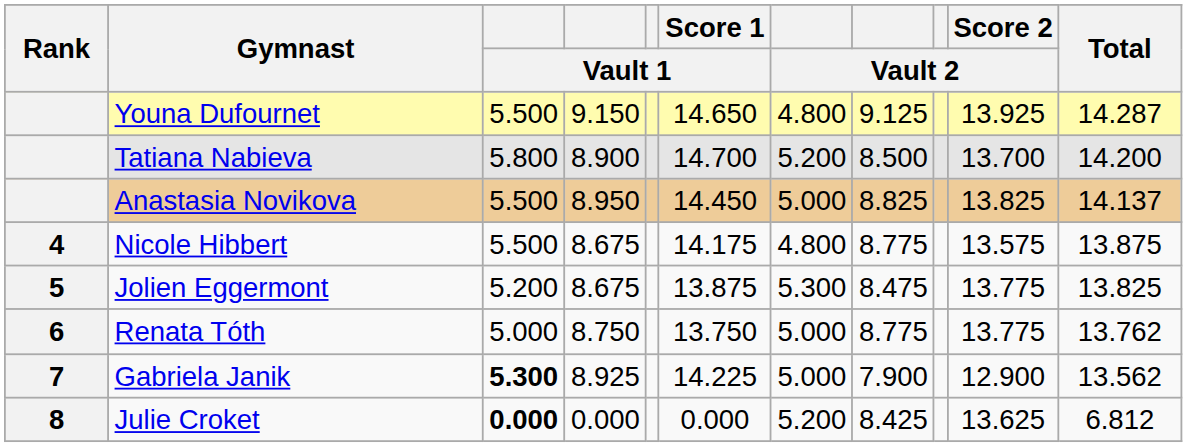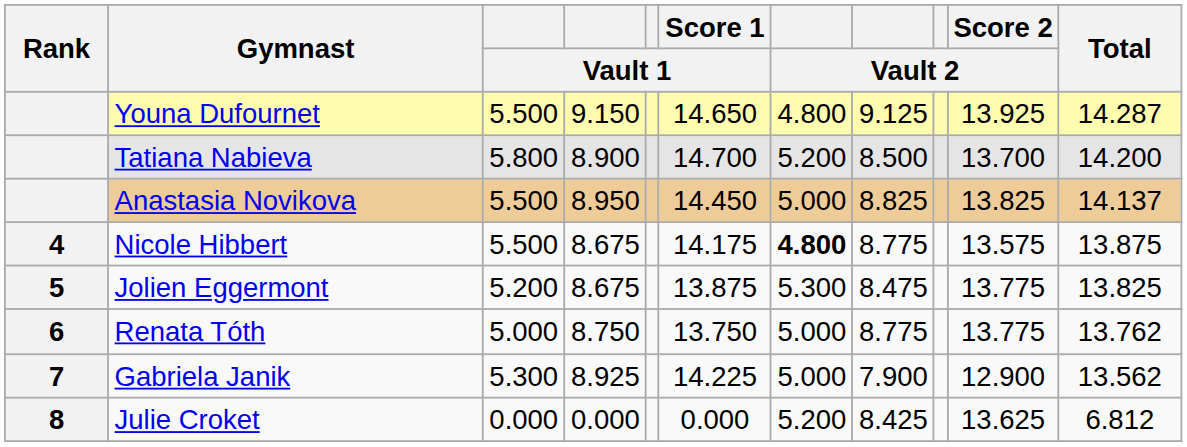 <table class="wikitable sortable" style="text-align:center; font-size:95%">
 <tr>
 <th rowspan=2 style="width:50px;">Rank</th>
 <th rowspan=2 style="width:200px;">Gymnast</th>
 <th colspan=1></th>
 <th colspan=1></th>
 <th colspan=1></th>
 <th colspan=1>Score 1</th>
 <th colspan=1></th>
 <th colspan=1></th>
 <th colspan=1></th>
 <th colspan=1>Score 2</th>
 <th rowspan=2 style="width:60px;">Total</th>
 </tr>
 <tr>
 <th colspan=4>Vault 1</th>
 <th colspan=4>Vault 2</th>
 </tr>
 <tr style="background:#fffcaf;">
 <th scope=row style="text-align:center"></th>
 <td style="text-align:left;"> <a href='#'>Youna Dufournet</a></td>
 <td>5.500</td>
 <td>9.150</td>
 <td></td>
 <td>14.650</td>
 <td>4.800</td>
 <td>9.125</td>
 <td></td>
 <td>13.925</td>
 <td>14.287</td>
 </tr>
 <tr style="background:#e5e5e5;">
 <th scope=row style="text-align:center"></th>
 <td align=left> <a href='#'>Tatiana Nabieva</a></td>
 <td>5.800</td>
 <td>8.900</td>
 <td></td>
 <td>14.700</td>
 <td>5.200</td>
 <td>8.500</td>
 <td></td>
 <td>13.700</td>
 <td>14.200</td>
 </tr>
 <tr style="background:#ec9;">
 <th scope=row style="text-align:center"></th>
 <td align=left> <a href='#'>Anastasia Novikova</a></td>
 <td>5.500</td>
 <td>8.950</td>
 <td></td>
 <td>14.450</td>
 <td>5.000</td>
 <td>8.825</td>
 <td></td>
 <td>13.825</td>
 <td>14.137</td>
 </tr>
 <tr>
 <th scope=row style="text-align:center">4</th>
 <td align=left> <a href='#'>Nicole Hibbert</a></td>
 <td>5.500</td>
 <td>8.675</td>
 <td></td>
 <td>14.175</td>
-<td>4.800</td>
+<td><strong>4.800</strong></td>
 <td>8.775</td>
 <td></td>
 <td>13.575</td>
 <td>13.875</td>
 </tr>
 <tr>
 <th scope=row style="text-align:center">5</th>
 <td align=left> <a href='#'>Jolien Eggermont</a></td>
 <td>5.200</td>
 <td>8.675</td>
 <td></td>
 <td>13.875</td>
 <td>5.300</td>
 <td>8.475</td>
 <td></td>
 <td>13.775</td>
 <td>13.825</td>
 </tr>
 <tr>
 <th scope=row style="text-align:center">6</th>
 <td align=left> <a href='#'>Renata Tóth</a></td>
 <td>5.000</td>
 <td>8.750</td>
 <td></td>
 <td>13.750</td>
 <td>5.000</td>
 <td>8.775</td>
 <td></td>
 <td>13.775</td>
 <td>13.762</td>
 </tr>
 <tr>
 <th scope=row style="text-align:center">7</th>
 <td align=left> <a href='#'>Gabriela Janik</a></td>
-<td><strong>5.300</strong></td>
+<td>5.300</td>
 <td>8.925</td>
 <td></td>
 <td>14.225</td>
 <td>5.000</td>
 <td>7.900</td>
 <td></td>
 <td>12.900</td>
 <td>13.562</td>
 </tr>
 <tr>
 <th scope=row style="text-align:center">8</th>
 <td align=left> <a href='#'>Julie Croket</a></td>
-<td><strong>0.000</strong></td>
+<td>0.000</td>
 <td>0.000</td>
 <td></td>
 <td>0.000</td>
 <td>5.200</td>
 <td>8.425</td>
 <td></td>
 <td>13.625</td>
 <td>6.812</td>
 </tr>
 </table>
